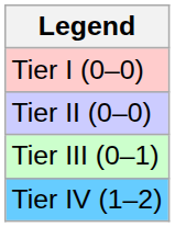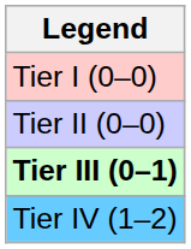 <table class="wikitable sortable">
 <tr>
 <th>Legend</th>
 </tr>
 <tr style="background:#fcc;">
 <td>Tier I (0–0)</td>
 </tr>
 <tr style="background:#ccf;">
 <td>Tier II (0–0)</td>
 </tr>
 <tr style="background:#cfc;">
-<td>Tier III (0–1)</td>
+<td><strong>Tier III (0–1)</strong></td>
 </tr>
 <tr style="background:#6cf;">
 <td>Tier IV (1–2)</td>
 </tr>
 </table>
